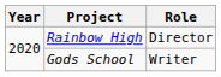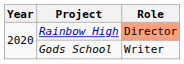 <table class="wikitable">
 <tr>
 <th>Year</th>
 <th>Project</th>
 <th>Role</th>
 </tr>
 <tr>
 <td rowspan="2">2020</td>
 <td><em><a href='#'>Rainbow High</a></em></td>
-<td>Director</td>
+<td style="background: lightsalmon;">Director</td>
 </tr>
 <tr>
 <td><em>Gods School</em></td>
 <td>Writer</td>
 </tr>
 </table>
